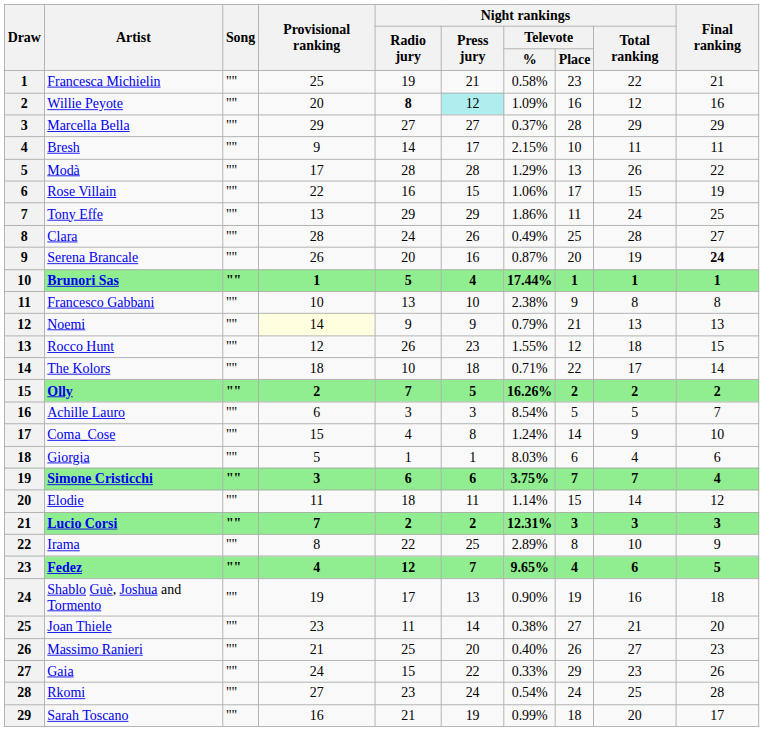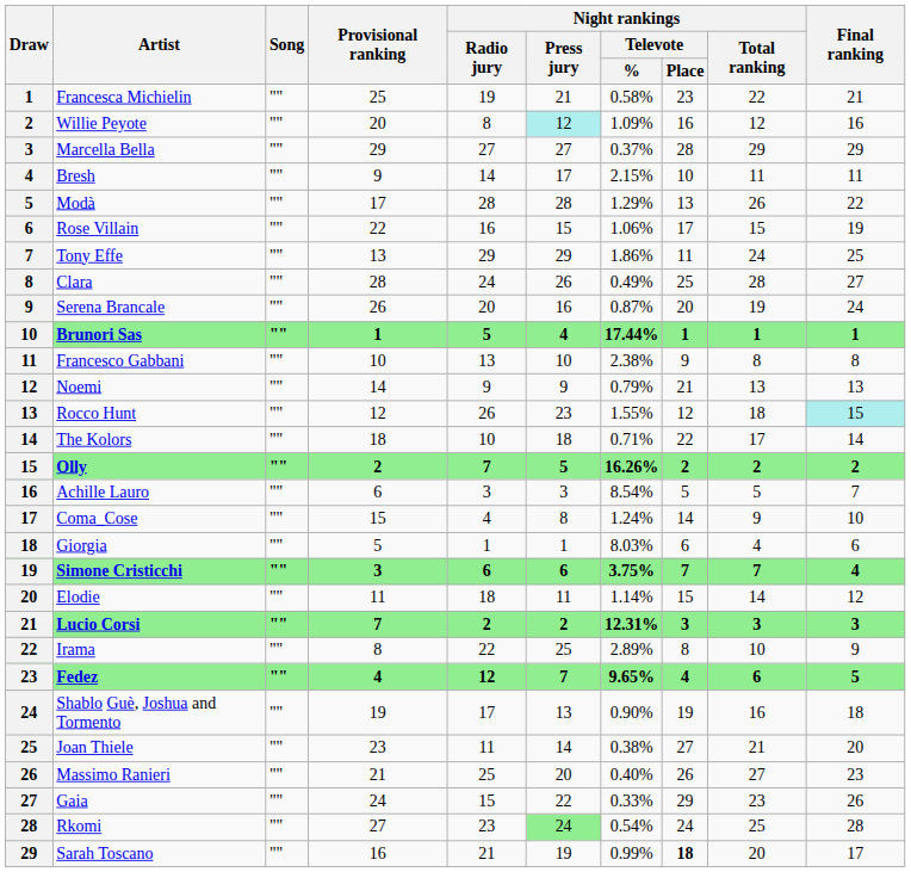 <table class="wikitable sortable plainrowheaders" style="text-align:center">
 <tr>
 <th rowspan="3">Draw</th>
 <th rowspan="3">Artist</th>
 <th rowspan="3">Song</th>
 <th rowspan="3">Provisional ranking</th>
 <th colspan="5" class="unsortable">Night rankings</th>
 <th rowspan="3">Final ranking</th>
 </tr>
 <tr>
 <th rowspan="2">Radio jury</th>
 <th rowspan="2">Press jury</th>
 <th colspan="2">Televote</th>
 <th rowspan="2">Total ranking</th>
 </tr>
 <tr>
 <th>%</th>
 <th>Place</th>
 </tr>
 <tr>
 <th scope="row" style="text-align:center">1</th>
 <td align="left"><a href='#'>Francesca Michielin</a></td>
 <td align="left">""</td>
 <td>25</td>
 <td>19</td>
 <td>21</td>
 <td>0.58%</td>
 <td>23</td>
 <td>22</td>
 <td>21</td>
 </tr>
 <tr>
 <th scope="row" style="text-align:center">2</th>
 <td align="left"><a href='#'>Willie Peyote</a></td>
 <td align="left">""</td>
 <td>20</td>
-<td><strong>8</strong></td>
+<td>8</td>
 <td style="background: paleturquoise;">12</td>
 <td>1.09%</td>
 <td>16</td>
 <td>12</td>
 <td>16</td>
 </tr>
 <tr>
 <th scope="row" style="text-align:center">3</th>
 <td align="left"><a href='#'>Marcella Bella</a></td>
 <td align="left">""</td>
 <td>29</td>
 <td>27</td>
 <td>27</td>
 <td>0.37%</td>
 <td>28</td>
 <td>29</td>
 <td>29</td>
 </tr>
 <tr>
 <th scope="row" style="text-align:center">4</th>
 <td align="left"><a href='#'>Bresh</a></td>
 <td align="left">""</td>
 <td>9</td>
 <td>14</td>
 <td>17</td>
 <td>2.15%</td>
 <td>10</td>
 <td>11</td>
 <td>11</td>
 </tr>
 <tr>
 <th scope="row" style="text-align:center">5</th>
 <td align="left"><a href='#'>Modà</a></td>
 <td align="left">""</td>
 <td>17</td>
 <td>28</td>
 <td>28</td>
 <td>1.29%</td>
 <td>13</td>
 <td>26</td>
 <td>22</td>
 </tr>
 <tr>
 <th scope="row" style="text-align:center">6</th>
 <td align="left"><a href='#'>Rose Villain</a></td>
 <td align="left">""</td>
 <td>22</td>
 <td>16</td>
 <td>15</td>
 <td>1.06%</td>
 <td>17</td>
 <td>15</td>
 <td>19</td>
 </tr>
 <tr>
 <th scope="row" style="text-align:center">7</th>
 <td align="left"><a href='#'>Tony Effe</a></td>
 <td align="left">""</td>
 <td>13</td>
 <td>29</td>
 <td>29</td>
 <td>1.86%</td>
 <td>11</td>
 <td>24</td>
 <td>25</td>
 </tr>
 <tr>
 <th scope="row" style="text-align:center">8</th>
 <td align="left"><a href='#'>Clara</a></td>
 <td align="left">""</td>
 <td>28</td>
 <td>24</td>
 <td>26</td>
 <td>0.49%</td>
 <td>25</td>
 <td>28</td>
 <td>27</td>
 </tr>
 <tr>
 <th scope="row" style="text-align:center">9</th>
 <td align="left"><a href='#'>Serena Brancale</a></td>
 <td align="left">""</td>
 <td>26</td>
 <td>20</td>
 <td>16</td>
 <td>0.87%</td>
 <td>20</td>
 <td>19</td>
-<td><strong>24</strong></td>
+<td>24</td>
 </tr>
 <tr style="font-weight:bold; background:#90EE90;">
 <th scope="row" style="text-align:center">10</th>
 <td align="left"><a href='#'>Brunori Sas</a></td>
 <td align="left">""</td>
 <td>1</td>
 <td>5</td>
 <td>4</td>
 <td>17.44%</td>
 <td>1</td>
 <td>1</td>
 <td>1</td>
 </tr>
 <tr>
 <th scope="row" style="text-align:center">11</th>
 <td align="left"><a href='#'>Francesco Gabbani</a></td>
 <td align="left">""</td>
 <td>10</td>
 <td>13</td>
 <td>10</td>
 <td>2.38%</td>
 <td>9</td>
 <td>8</td>
 <td>8</td>
 </tr>
 <tr>
 <th scope="row" style="text-align:center">12</th>
 <td align="left"><a href='#'>Noemi</a></td>
 <td align="left">""</td>
-<td style="background: lightyellow;">14</td>
+<td>14</td>
 <td>9</td>
 <td>9</td>
 <td>0.79%</td>
 <td>21</td>
 <td>13</td>
 <td>13</td>
 </tr>
 <tr>
 <th scope="row" style="text-align:center">13</th>
 <td align="left"><a href='#'>Rocco Hunt</a></td>
 <td align="left">""</td>
 <td>12</td>
 <td>26</td>
 <td>23</td>
 <td>1.55%</td>
 <td>12</td>
 <td>18</td>
-<td>15</td>
+<td style="background: paleturquoise;">15</td>
 </tr>
 <tr>
 <th scope="row" style="text-align:center">14</th>
 <td align="left"><a href='#'>The Kolors</a></td>
 <td align="left">""</td>
 <td>18</td>
 <td>10</td>
 <td>18</td>
 <td>0.71%</td>
 <td>22</td>
 <td>17</td>
 <td>14</td>
 </tr>
 <tr style="font-weight:bold; background:#90EE90;">
 <th scope="row" style="text-align:center">15</th>
 <td align="left"><a href='#'>Olly</a></td>
 <td align="left">""</td>
 <td>2</td>
 <td>7</td>
 <td>5</td>
 <td>16.26%</td>
 <td>2</td>
 <td>2</td>
 <td>2</td>
 </tr>
 <tr>
 <th scope="row" style="text-align:center">16</th>
 <td align="left"><a href='#'>Achille Lauro</a></td>
 <td align="left">""</td>
 <td>6</td>
 <td>3</td>
 <td>3</td>
 <td>8.54%</td>
 <td>5</td>
 <td>5</td>
 <td>7</td>
 </tr>
 <tr>
 <th scope="row" style="text-align:center">17</th>
 <td align="left"><a href='#'>Coma_Cose</a></td>
 <td align="left">""</td>
 <td>15</td>
 <td>4</td>
 <td>8</td>
 <td>1.24%</td>
 <td>14</td>
 <td>9</td>
 <td>10</td>
 </tr>
 <tr>
 <th scope="row" style="text-align:center">18</th>
 <td align="left"><a href='#'>Giorgia</a></td>
 <td align="left">""</td>
 <td>5</td>
 <td>1</td>
 <td>1</td>
 <td>8.03%</td>
 <td>6</td>
 <td>4</td>
 <td>6</td>
 </tr>
 <tr style="font-weight:bold; background:#90EE90;">
 <th scope="row" style="text-align:center">19</th>
 <td align="left"><a href='#'>Simone Cristicchi</a></td>
 <td align="left">""</td>
 <td>3</td>
 <td>6</td>
 <td>6</td>
 <td>3.75%</td>
 <td>7</td>
 <td>7</td>
 <td>4</td>
 </tr>
 <tr>
 <th scope="row" style="text-align:center">20</th>
 <td align="left"><a href='#'>Elodie</a></td>
 <td align="left">""</td>
 <td>11</td>
 <td>18</td>
 <td>11</td>
 <td>1.14%</td>
 <td>15</td>
 <td>14</td>
 <td>12</td>
 </tr>
 <tr style="font-weight:bold; background:#90EE90;">
 <th scope="row" style="text-align:center">21</th>
 <td align="left"><a href='#'>Lucio Corsi</a></td>
 <td align="left">""</td>
 <td>7</td>
 <td>2</td>
 <td>2</td>
 <td>12.31%</td>
 <td>3</td>
 <td>3</td>
 <td>3</td>
 </tr>
 <tr>
 <th scope="row" style="text-align:center">22</th>
 <td align="left"><a href='#'>Irama</a></td>
 <td align="left">""</td>
 <td>8</td>
 <td>22</td>
 <td>25</td>
 <td>2.89%</td>
 <td>8</td>
 <td>10</td>
 <td>9</td>
 </tr>
 <tr style="font-weight:bold; background:#90EE90;">
 <th scope="row" style="text-align:center">23</th>
 <td align="left"><a href='#'>Fedez</a></td>
 <td align="left">""</td>
 <td>4</td>
 <td>12</td>
 <td>7</td>
 <td>9.65%</td>
 <td>4</td>
 <td>6</td>
 <td>5</td>
 </tr>
 <tr>
 <th scope="row" style="text-align:center">24</th>
 <td align="left"><a href='#'>Shablo</a>  <a href='#'>Guè</a>, <a href='#'>Joshua</a> and <a href='#'>Tormento</a></td>
 <td align="left">""</td>
 <td>19</td>
 <td>17</td>
 <td>13</td>
 <td>0.90%</td>
 <td>19</td>
 <td>16</td>
 <td>18</td>
 </tr>
 <tr>
 <th scope="row" style="text-align:center">25</th>
 <td align="left"><a href='#'>Joan Thiele</a></td>
 <td align="left">""</td>
 <td>23</td>
 <td>11</td>
 <td>14</td>
 <td>0.38%</td>
 <td>27</td>
 <td>21</td>
 <td>20</td>
 </tr>
 <tr>
 <th scope="row" style="text-align:center">26</th>
 <td align="left"><a href='#'>Massimo Ranieri</a></td>
 <td align="left">""</td>
 <td>21</td>
 <td>25</td>
 <td>20</td>
 <td>0.40%</td>
 <td>26</td>
 <td>27</td>
 <td>23</td>
 </tr>
 <tr>
 <th scope="row" style="text-align:center">27</th>
 <td align="left"><a href='#'>Gaia</a></td>
 <td align="left">""</td>
 <td>24</td>
 <td>15</td>
 <td>22</td>
 <td>0.33%</td>
 <td>29</td>
 <td>23</td>
 <td>26</td>
 </tr>
 <tr>
 <th scope="row" style="text-align:center">28</th>
 <td align="left"><a href='#'>Rkomi</a></td>
 <td align="left">""</td>
 <td>27</td>
 <td>23</td>
-<td>24</td>
+<td style="background: lightgreen;">24</td>
 <td>0.54%</td>
 <td>24</td>
 <td>25</td>
 <td>28</td>
 </tr>
 <tr>
 <th scope="row" style="text-align:center">29</th>
 <td align="left"><a href='#'>Sarah Toscano</a></td>
 <td align="left">""</td>
 <td>16</td>
 <td>21</td>
 <td>19</td>
 <td>0.99%</td>
-<td>18</td>
+<td><strong>18</strong></td>
 <td>20</td>
 <td>17</td>
 </tr>
 </table>
